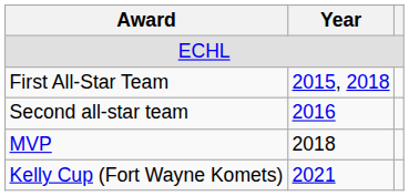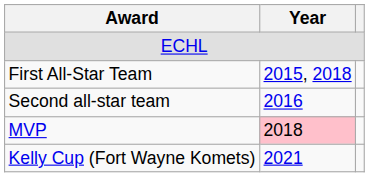 <table class="wikitable">
 <tr>
 <th>Award</th>
 <th>Year</th>
 <th></th>
 </tr>
 <tr ALIGN="center" bgcolor="#e0e0e0">
 <td colspan="3"><a href='#'>ECHL</a></td>
 </tr>
 <tr>
 <td>First All-Star Team</td>
 <td><a href='#'>2015</a>, <a href='#'>2018</a></td>
 <td></td>
 </tr>
 <tr>
 <td>Second all-star team</td>
 <td><a href='#'>2016</a></td>
 <td></td>
 </tr>
 <tr>
 <td><a href='#'>MVP</a></td>
-<td>2018</td>
+<td style="background: pink;">2018</td>
 <td></td>
 </tr>
 <tr>
 <td><a href='#'>Kelly Cup</a> (Fort Wayne Komets)</td>
 <td><a href='#'>2021</a></td>
 <td></td>
 </tr>
 </table>
